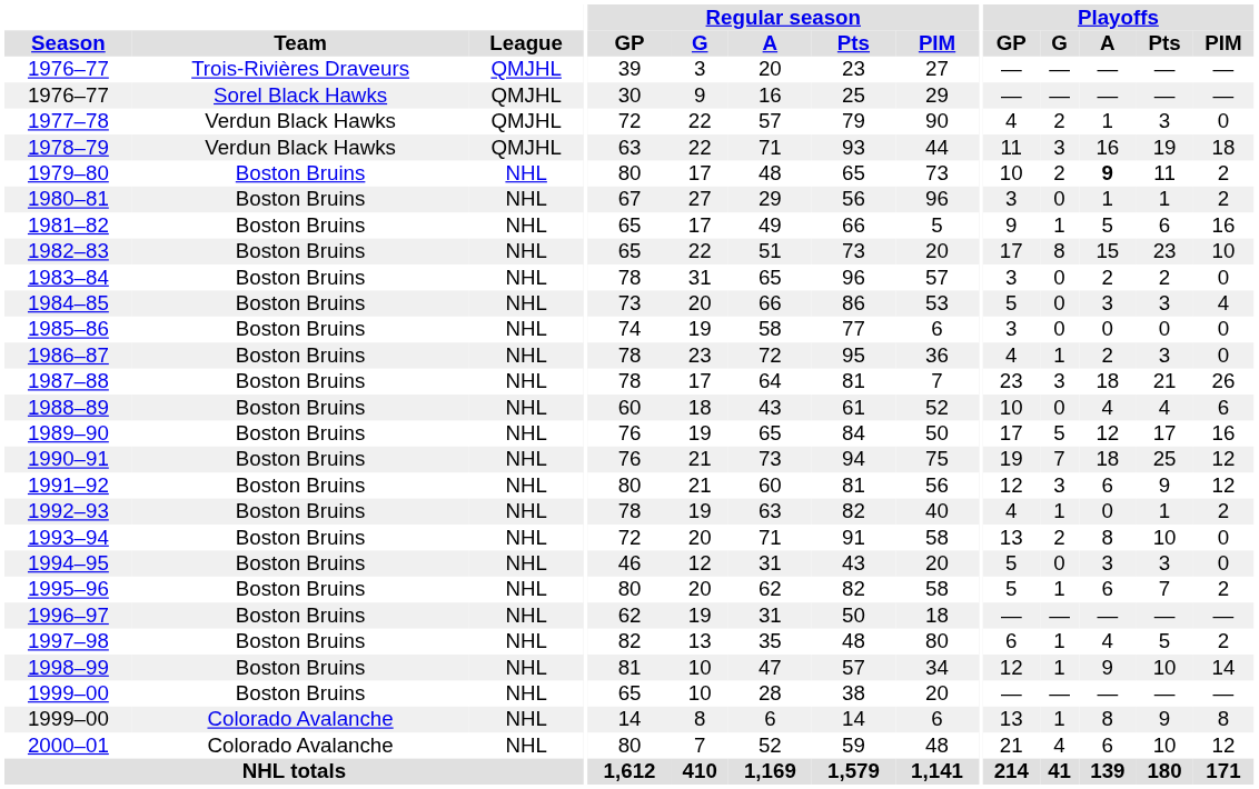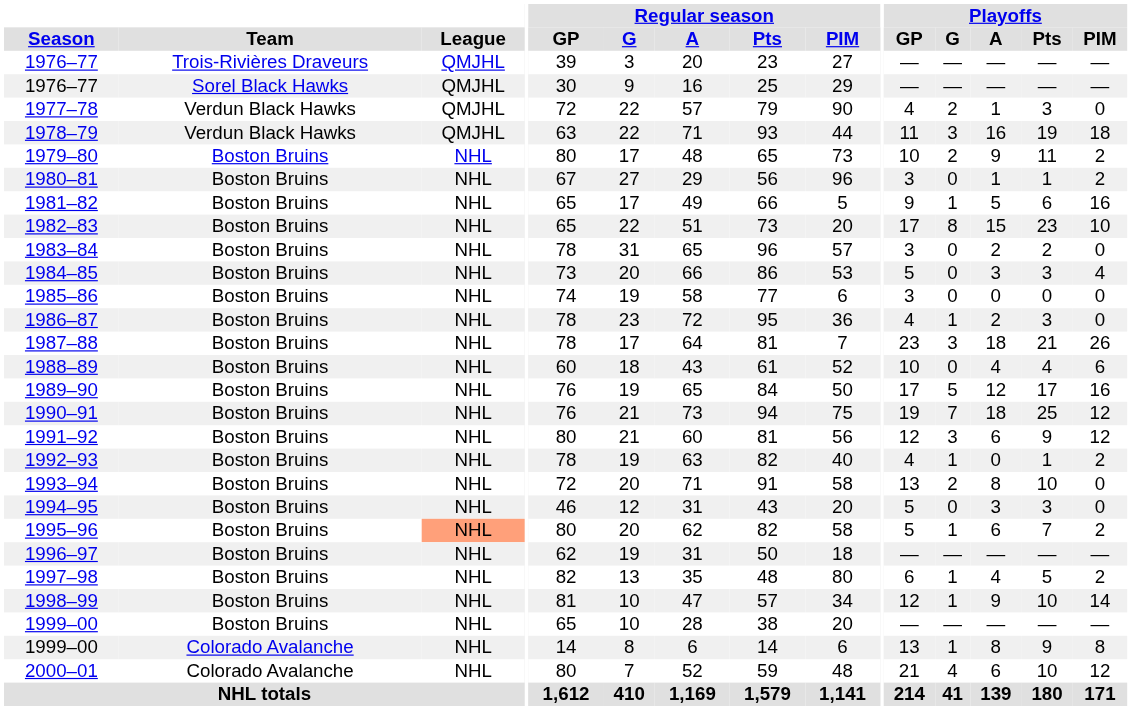 <table border="0" cellpadding="1" cellspacing="0" style="text-align:center; width:60em;">
 <tr bgcolor="#e0e0e0">
 <th colspan="3" bgcolor="#ffffff"></th>
 <th rowspan="100" bgcolor="#ffffff"></th>
 <th colspan="5"><a href='#'>Regular season</a></th>
 <th rowspan="100" bgcolor="#ffffff"></th>
 <th colspan="5"><a href='#'>Playoffs</a></th>
 </tr>
 <tr bgcolor="#e0e0e0">
 <th><a href='#'>Season</a></th>
 <th>Team</th>
 <th>League</th>
 <th>GP</th>
 <th><a href='#'>G</a></th>
 <th><a href='#'>A</a></th>
 <th><a href='#'>Pts</a></th>
 <th><a href='#'>PIM</a></th>
 <th>GP</th>
 <th>G</th>
 <th>A</th>
 <th>Pts</th>
 <th>PIM</th>
 </tr>
 <tr>
 <td><a href='#'>1976–77</a></td>
 <td><a href='#'>Trois-Rivières Draveurs</a></td>
 <td><a href='#'>QMJHL</a></td>
 <td>39</td>
 <td>3</td>
 <td>20</td>
 <td>23</td>
 <td>27</td>
 <td>—</td>
 <td>—</td>
 <td>—</td>
 <td>—</td>
 <td>—</td>
 </tr>
 <tr bgcolor="#f0f0f0">
 <td>1976–77</td>
 <td><a href='#'>Sorel Black Hawks</a></td>
 <td>QMJHL</td>
 <td>30</td>
 <td>9</td>
 <td>16</td>
 <td>25</td>
 <td>29</td>
 <td>—</td>
 <td>—</td>
 <td>—</td>
 <td>—</td>
 <td>—</td>
 </tr>
 <tr>
 <td><a href='#'>1977–78</a></td>
 <td>Verdun Black Hawks</td>
 <td>QMJHL</td>
 <td>72</td>
 <td>22</td>
 <td>57</td>
 <td>79</td>
 <td>90</td>
 <td>4</td>
 <td>2</td>
 <td>1</td>
 <td>3</td>
 <td>0</td>
 </tr>
 <tr bgcolor="#f0f0f0">
 <td><a href='#'>1978–79</a></td>
 <td>Verdun Black Hawks</td>
 <td>QMJHL</td>
 <td>63</td>
 <td>22</td>
 <td>71</td>
 <td>93</td>
 <td>44</td>
 <td>11</td>
 <td>3</td>
 <td>16</td>
 <td>19</td>
 <td>18</td>
 </tr>
 <tr>
 <td><a href='#'>1979–80</a></td>
 <td><a href='#'>Boston Bruins</a></td>
 <td><a href='#'>NHL</a></td>
 <td>80</td>
 <td>17</td>
 <td>48</td>
 <td>65</td>
 <td>73</td>
 <td>10</td>
 <td>2</td>
-<td><strong>9</strong></td>
+<td>9</td>
 <td>11</td>
 <td>2</td>
 </tr>
 <tr bgcolor="#f0f0f0">
 <td><a href='#'>1980–81</a></td>
 <td>Boston Bruins</td>
 <td>NHL</td>
 <td>67</td>
 <td>27</td>
 <td>29</td>
 <td>56</td>
 <td>96</td>
 <td>3</td>
 <td>0</td>
 <td>1</td>
 <td>1</td>
 <td>2</td>
 </tr>
 <tr>
 <td><a href='#'>1981–82</a></td>
 <td>Boston Bruins</td>
 <td>NHL</td>
 <td>65</td>
 <td>17</td>
 <td>49</td>
 <td>66</td>
 <td>5</td>
 <td>9</td>
 <td>1</td>
 <td>5</td>
 <td>6</td>
 <td>16</td>
 </tr>
 <tr bgcolor="#f0f0f0">
 <td><a href='#'>1982–83</a></td>
 <td>Boston Bruins</td>
 <td>NHL</td>
 <td>65</td>
 <td>22</td>
 <td>51</td>
 <td>73</td>
 <td>20</td>
 <td>17</td>
 <td>8</td>
 <td>15</td>
 <td>23</td>
 <td>10</td>
 </tr>
 <tr>
 <td><a href='#'>1983–84</a></td>
 <td>Boston Bruins</td>
 <td>NHL</td>
 <td>78</td>
 <td>31</td>
 <td>65</td>
 <td>96</td>
 <td>57</td>
 <td>3</td>
 <td>0</td>
 <td>2</td>
 <td>2</td>
 <td>0</td>
 </tr>
 <tr bgcolor="#f0f0f0">
 <td><a href='#'>1984–85</a></td>
 <td>Boston Bruins</td>
 <td>NHL</td>
 <td>73</td>
 <td>20</td>
 <td>66</td>
 <td>86</td>
 <td>53</td>
 <td>5</td>
 <td>0</td>
 <td>3</td>
 <td>3</td>
 <td>4</td>
 </tr>
 <tr>
 <td><a href='#'>1985–86</a></td>
 <td>Boston Bruins</td>
 <td>NHL</td>
 <td>74</td>
 <td>19</td>
 <td>58</td>
 <td>77</td>
 <td>6</td>
 <td>3</td>
 <td>0</td>
 <td>0</td>
 <td>0</td>
 <td>0</td>
 </tr>
 <tr bgcolor="#f0f0f0">
 <td><a href='#'>1986–87</a></td>
 <td>Boston Bruins</td>
 <td>NHL</td>
 <td>78</td>
 <td>23</td>
 <td>72</td>
 <td>95</td>
 <td>36</td>
 <td>4</td>
 <td>1</td>
 <td>2</td>
 <td>3</td>
 <td>0</td>
 </tr>
 <tr>
 <td><a href='#'>1987–88</a></td>
 <td>Boston Bruins</td>
 <td>NHL</td>
 <td>78</td>
 <td>17</td>
 <td>64</td>
 <td>81</td>
 <td>7</td>
 <td>23</td>
 <td>3</td>
 <td>18</td>
 <td>21</td>
 <td>26</td>
 </tr>
 <tr bgcolor="#f0f0f0">
 <td><a href='#'>1988–89</a></td>
 <td>Boston Bruins</td>
 <td>NHL</td>
 <td>60</td>
 <td>18</td>
 <td>43</td>
 <td>61</td>
 <td>52</td>
 <td>10</td>
 <td>0</td>
 <td>4</td>
 <td>4</td>
 <td>6</td>
 </tr>
 <tr>
 <td><a href='#'>1989–90</a></td>
 <td>Boston Bruins</td>
 <td>NHL</td>
 <td>76</td>
 <td>19</td>
 <td>65</td>
 <td>84</td>
 <td>50</td>
 <td>17</td>
 <td>5</td>
 <td>12</td>
 <td>17</td>
 <td>16</td>
 </tr>
 <tr bgcolor="#f0f0f0">
 <td><a href='#'>1990–91</a></td>
 <td>Boston Bruins</td>
 <td>NHL</td>
 <td>76</td>
 <td>21</td>
 <td>73</td>
 <td>94</td>
 <td>75</td>
 <td>19</td>
 <td>7</td>
 <td>18</td>
 <td>25</td>
 <td>12</td>
 </tr>
 <tr>
 <td><a href='#'>1991–92</a></td>
 <td>Boston Bruins</td>
 <td>NHL</td>
 <td>80</td>
 <td>21</td>
 <td>60</td>
 <td>81</td>
 <td>56</td>
 <td>12</td>
 <td>3</td>
 <td>6</td>
 <td>9</td>
 <td>12</td>
 </tr>
 <tr bgcolor="#f0f0f0">
 <td><a href='#'>1992–93</a></td>
 <td>Boston Bruins</td>
 <td>NHL</td>
 <td>78</td>
 <td>19</td>
 <td>63</td>
 <td>82</td>
 <td>40</td>
 <td>4</td>
 <td>1</td>
 <td>0</td>
 <td>1</td>
 <td>2</td>
 </tr>
 <tr>
 <td><a href='#'>1993–94</a></td>
 <td>Boston Bruins</td>
 <td>NHL</td>
 <td>72</td>
 <td>20</td>
 <td>71</td>
 <td>91</td>
 <td>58</td>
 <td>13</td>
 <td>2</td>
 <td>8</td>
 <td>10</td>
 <td>0</td>
 </tr>
 <tr bgcolor="#f0f0f0">
 <td><a href='#'>1994–95</a></td>
 <td>Boston Bruins</td>
 <td>NHL</td>
 <td>46</td>
 <td>12</td>
 <td>31</td>
 <td>43</td>
 <td>20</td>
 <td>5</td>
 <td>0</td>
 <td>3</td>
 <td>3</td>
 <td>0</td>
 </tr>
 <tr>
 <td><a href='#'>1995–96</a></td>
 <td>Boston Bruins</td>
-<td>NHL</td>
+<td style="background: lightsalmon;">NHL</td>
 <td>80</td>
 <td>20</td>
 <td>62</td>
 <td>82</td>
 <td>58</td>
 <td>5</td>
 <td>1</td>
 <td>6</td>
 <td>7</td>
 <td>2</td>
 </tr>
 <tr bgcolor="#f0f0f0">
 <td><a href='#'>1996–97</a></td>
 <td>Boston Bruins</td>
 <td>NHL</td>
 <td>62</td>
 <td>19</td>
 <td>31</td>
 <td>50</td>
 <td>18</td>
 <td>—</td>
 <td>—</td>
 <td>—</td>
 <td>—</td>
 <td>—</td>
 </tr>
 <tr>
 <td><a href='#'>1997–98</a></td>
 <td>Boston Bruins</td>
 <td>NHL</td>
 <td>82</td>
 <td>13</td>
 <td>35</td>
 <td>48</td>
 <td>80</td>
 <td>6</td>
 <td>1</td>
 <td>4</td>
 <td>5</td>
 <td>2</td>
 </tr>
 <tr bgcolor="#f0f0f0">
 <td><a href='#'>1998–99</a></td>
 <td>Boston Bruins</td>
 <td>NHL</td>
 <td>81</td>
 <td>10</td>
 <td>47</td>
 <td>57</td>
 <td>34</td>
 <td>12</td>
 <td>1</td>
 <td>9</td>
 <td>10</td>
 <td>14</td>
 </tr>
 <tr>
 <td><a href='#'>1999–00</a></td>
 <td>Boston Bruins</td>
 <td>NHL</td>
 <td>65</td>
 <td>10</td>
 <td>28</td>
 <td>38</td>
 <td>20</td>
 <td>—</td>
 <td>—</td>
 <td>—</td>
 <td>—</td>
 <td>—</td>
 </tr>
 <tr bgcolor="#f0f0f0">
 <td>1999–00</td>
 <td><a href='#'>Colorado Avalanche</a></td>
 <td>NHL</td>
 <td>14</td>
 <td>8</td>
 <td>6</td>
 <td>14</td>
 <td>6</td>
 <td>13</td>
 <td>1</td>
 <td>8</td>
 <td>9</td>
 <td>8</td>
 </tr>
 <tr>
 <td><a href='#'>2000–01</a></td>
 <td>Colorado Avalanche</td>
 <td>NHL</td>
 <td>80</td>
 <td>7</td>
 <td>52</td>
 <td>59</td>
 <td>48</td>
 <td>21</td>
 <td>4</td>
 <td>6</td>
 <td>10</td>
 <td>12</td>
 </tr>
 <tr bgcolor="#e0e0e0">
 <th colspan="3">NHL totals</th>
 <th>1,612</th>
 <th>410</th>
 <th>1,169</th>
 <th>1,579</th>
 <th>1,141</th>
 <th>214</th>
 <th>41</th>
 <th>139</th>
 <th>180</th>
 <th>171</th>
 </tr>
 </table>
